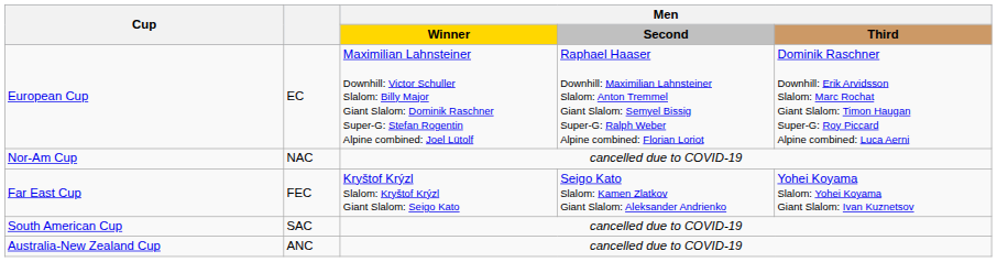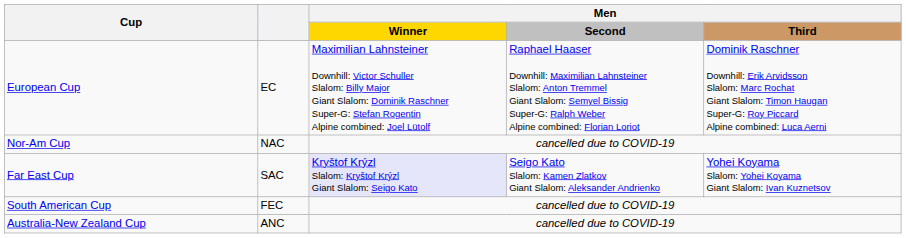 <table class="wikitable" style=" width:100%">
 <tr bgcolor="#CADAFA">
 <th class="hintergrundfarbe6" rowspan=2>Cup</th>
 <th class="hintergrundfarbe6" rowspan=2></th>
 <th class="hintergrundfarbe6" colspan=3>Men</th>
 </tr>
 <tr>
 <th style="width:22%; background:gold;">Winner</th>
 <th style="width:22%; background:silver;">Second</th>
 <th style="width:22%; background:#CC9966;">Third</th>
 </tr>
 <tr>
 <td><a href='#'>European Cup</a></td>
 <td>EC</td>
 <td> <a href='#'>Maximilian Lahnsteiner</a><br><br><small>Downhill:  <a href='#'>Victor Schuller</a><br>Slalom:  <a href='#'>Billy Major</a><br>Giant Slalom:  <a href='#'>Dominik Raschner</a><br>Super-G:  <a href='#'>Stefan Rogentin</a><br>Alpine combined:  <a href='#'>Joel Lütolf</a></small><br></td>
 <td> <a href='#'>Raphael Haaser</a><br><br><small>Downhill:  <a href='#'>Maximilian Lahnsteiner</a><br>Slalom:  <a href='#'>Anton Tremmel</a><br>Giant Slalom:  <a href='#'>Semyel Bissig</a><br>Super-G:  <a href='#'>Ralph Weber</a><br>Alpine combined:  <a href='#'>Florian Loriot</a></small><br></td>
 <td> <a href='#'>Dominik Raschner</a><br><br><small>Downhill:  <a href='#'>Erik Arvidsson</a><br>Slalom:  <a href='#'>Marc Rochat</a><br>Giant Slalom:  <a href='#'>Timon Haugan</a><br>Super-G:  <a href='#'>Roy Piccard</a><br>Alpine combined:  <a href='#'>Luca Aerni</a></small><br></td>
 </tr>
 <tr>
 <td><a href='#'>Nor-Am Cup</a></td>
 <td>NAC</td>
 <td colspan=6 align=center><em>cancelled due to COVID-19</em></td>
 </tr>
 <tr>
 <td><a href='#'>Far East Cup</a></td>
-<td>FEC</td>
-<td> <a href='#'>Kryštof Krýzl</a><br><small>Slalom:  <a href='#'>Kryštof Krýzl</a><br>Giant Slalom:  <a href='#'>Seigo Kato</a></small><br></td>
+<td>SAC</td>
+<td style="background: lavender;"> <a href='#'>Kryštof Krýzl</a><br><small>Slalom:  <a href='#'>Kryštof Krýzl</a><br>Giant Slalom:  <a href='#'>Seigo Kato</a></small><br></td>
 <td> <a href='#'>Seigo Kato</a><br><small>Slalom:  <a href='#'>Kamen Zlatkov</a><br>Giant Slalom:  <a href='#'>Aleksander Andrienko</a></small><br></td>
 <td> <a href='#'>Yohei Koyama</a><br><small>Slalom:  <a href='#'>Yohei Koyama</a><br>Giant Slalom:  <a href='#'>Ivan Kuznetsov</a></small><br></td>
 </tr>
 <tr>
 <td><a href='#'>South American Cup</a></td>
-<td>SAC</td>
+<td>FEC</td>
 <td colspan=6 align=center><em>cancelled due to COVID-19</em></td>
 </tr>
 <tr>
 <td><a href='#'>Australia-New Zealand Cup</a></td>
 <td>ANC</td>
 <td colspan=6 align=center><em>cancelled due to COVID-19</em></td>
 </tr>
 </table>
